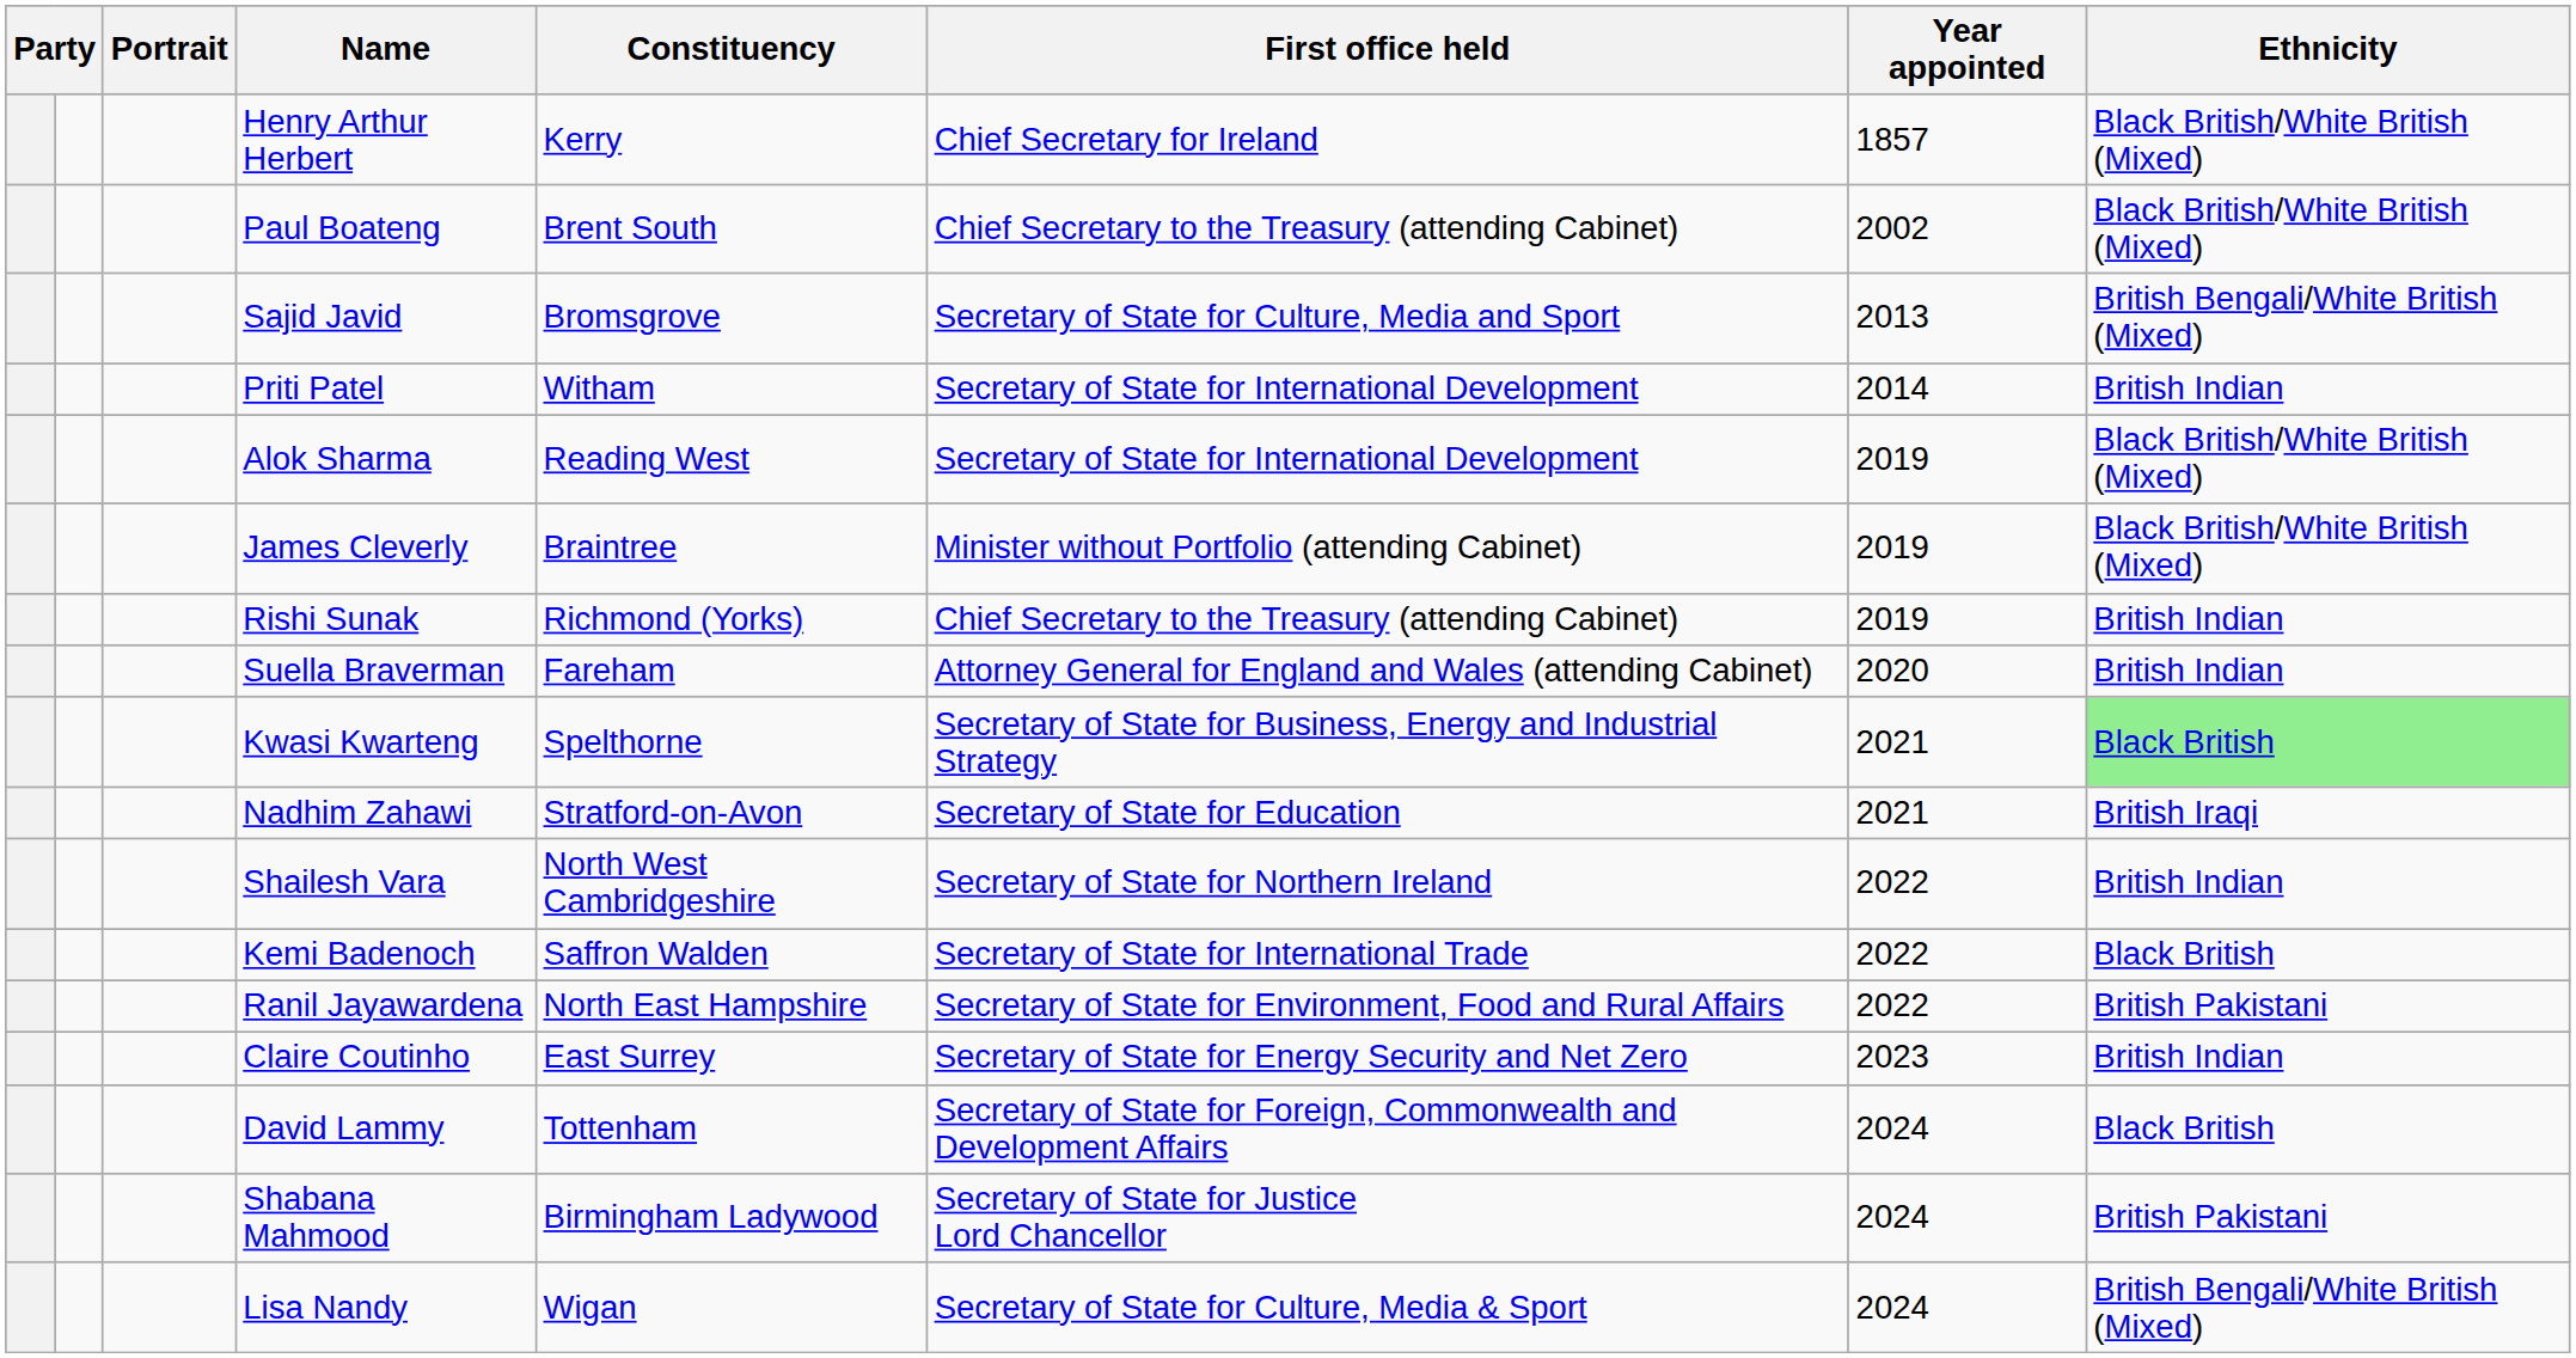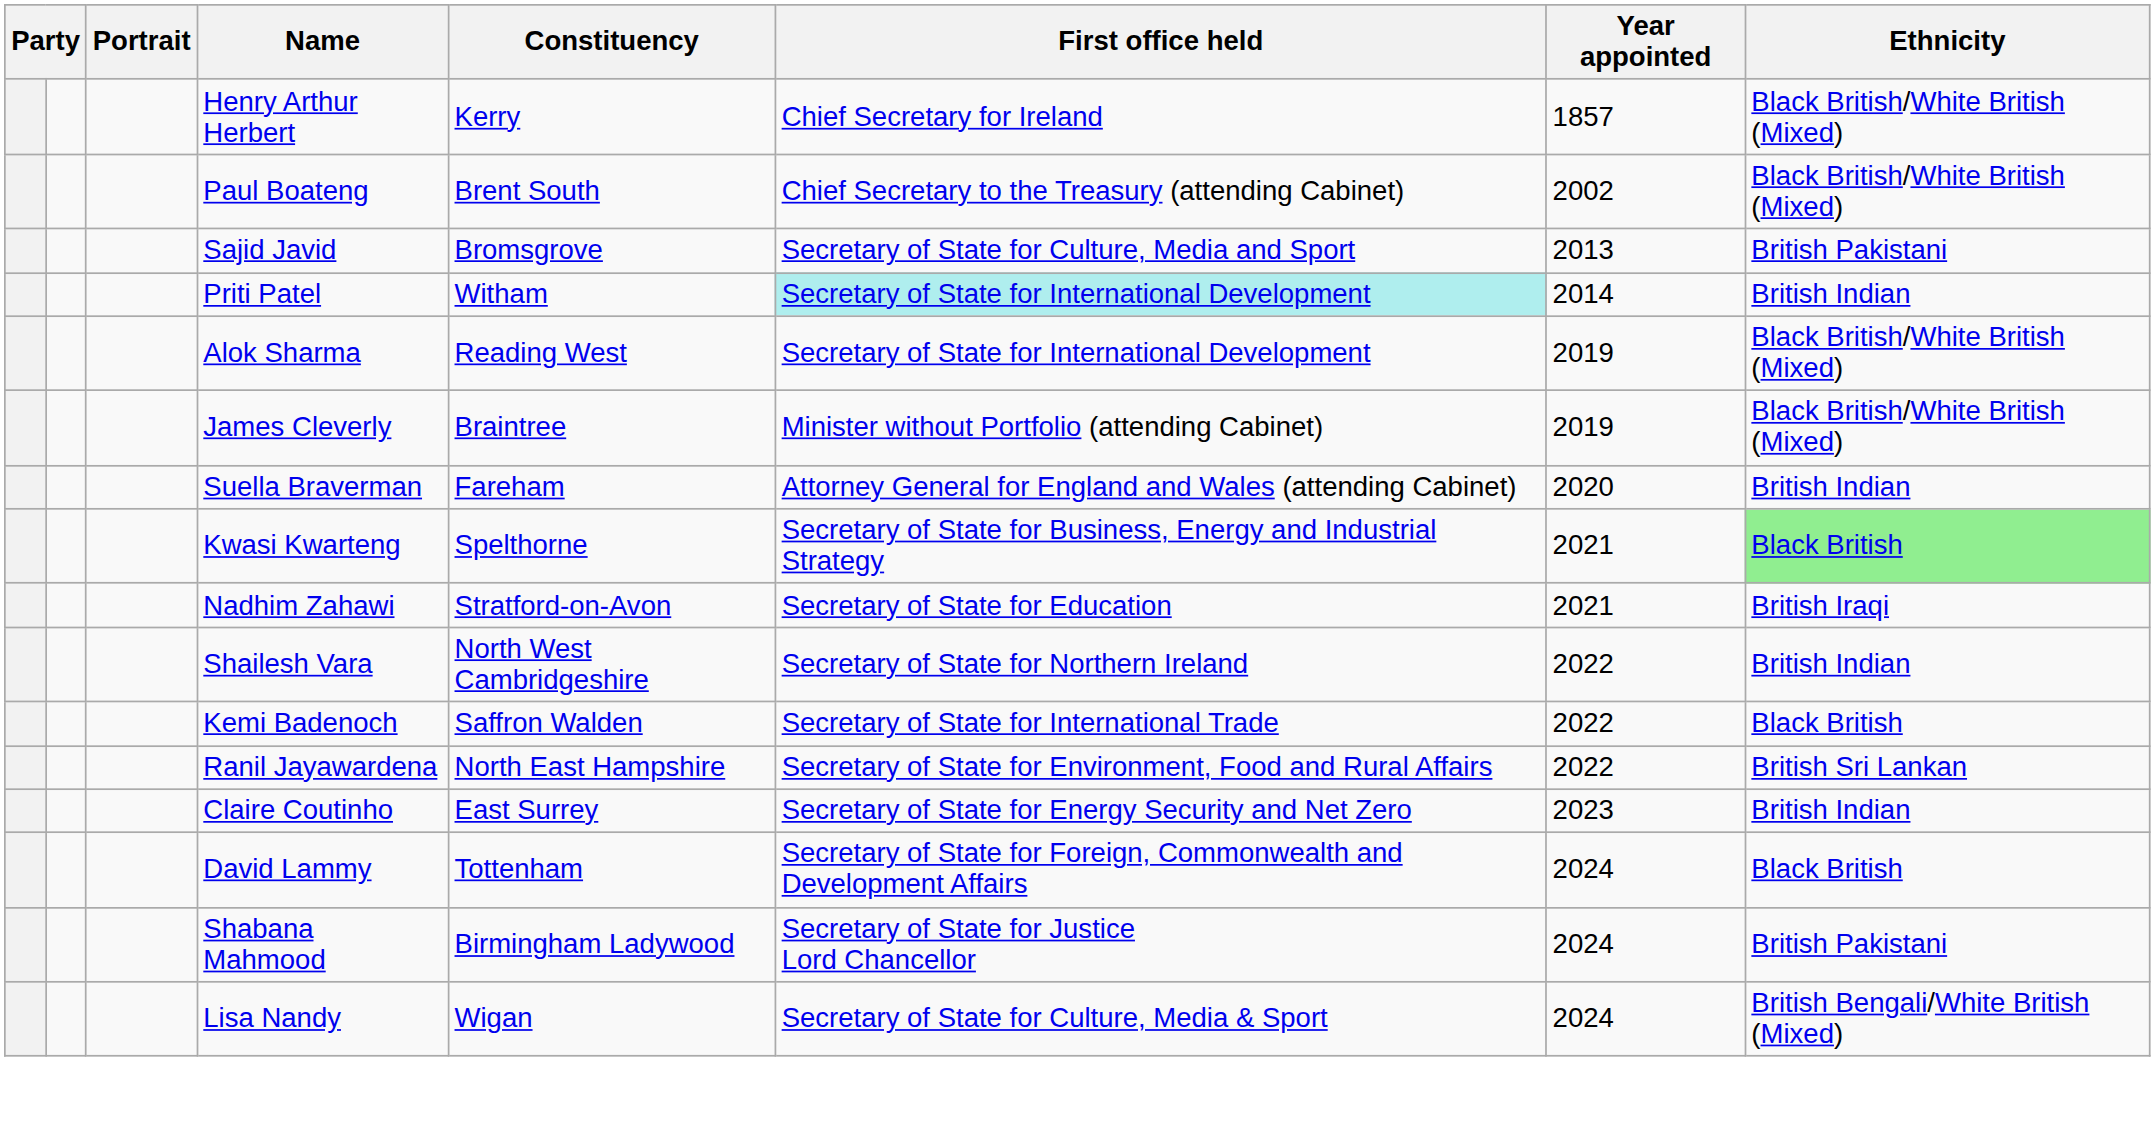 <table class="wikitable sortable">
 <tr>
 <th colspan=2>Party</th>
 <th>Portrait</th>
 <th>Name</th>
 <th>Constituency</th>
 <th>First office held</th>
 <th>Year appointed</th>
 <th>Ethnicity</th>
 </tr>
 <tr>
 <th style="background-color: "></th>
 <td></td>
 <td></td>
 <td><a href='#'>Henry Arthur Herbert</a></td>
 <td><a href='#'>Kerry</a></td>
 <td><a href='#'>Chief Secretary for Ireland</a></td>
 <td>1857</td>
 <td><a href='#'>Black British</a>/<a href='#'>White British</a> (<a href='#'>Mixed</a>)</td>
 </tr>
 <tr>
 <th style="background-color: "></th>
 <td></td>
 <td></td>
 <td><a href='#'>Paul Boateng</a></td>
 <td><a href='#'>Brent South</a></td>
 <td><a href='#'>Chief Secretary to the Treasury</a> (attending Cabinet)</td>
 <td>2002</td>
 <td><a href='#'>Black British</a>/<a href='#'>White British</a> (<a href='#'>Mixed</a>)</td>
 </tr>
 <tr>
 <th style="background-color: "></th>
 <td></td>
 <td></td>
 <td><a href='#'>Sajid Javid</a></td>
 <td><a href='#'>Bromsgrove</a></td>
 <td><a href='#'>Secretary of State for Culture, Media and Sport</a></td>
 <td>2013</td>
-<td><a href='#'>British Bengali</a>/<a href='#'>White British</a> (<a href='#'>Mixed</a>)</td>
+<td><a href='#'>British Pakistani</a></td>
 </tr>
 <tr>
 <th style="background-color: "></th>
 <td></td>
 <td></td>
 <td><a href='#'>Priti Patel</a></td>
 <td><a href='#'>Witham</a></td>
-<td><a href='#'>Secretary of State for International Development</a></td>
+<td style="background: paleturquoise;"><a href='#'>Secretary of State for International Development</a></td>
 <td>2014</td>
 <td><a href='#'>British Indian</a></td>
 </tr>
 <tr>
 <th style="background-color: "></th>
 <td></td>
 <td></td>
 <td><a href='#'>Alok Sharma</a></td>
 <td><a href='#'>Reading West</a></td>
 <td><a href='#'>Secretary of State for International Development</a></td>
 <td>2019</td>
 <td><a href='#'>Black British</a>/<a href='#'>White British</a> (<a href='#'>Mixed</a>)</td>
 </tr>
 <tr>
 <th style="background-color: "></th>
 <td></td>
 <td></td>
 <td><a href='#'>James Cleverly</a></td>
 <td><a href='#'>Braintree</a></td>
 <td><a href='#'>Minister without Portfolio</a> (attending Cabinet)</td>
 <td>2019</td>
 <td><a href='#'>Black British</a>/<a href='#'>White British</a> (<a href='#'>Mixed</a>)</td>
-</tr>
-<tr>
-<th style="background-color: "></th>
-<td></td>
-<td></td>
-<td><a href='#'>Rishi Sunak</a></td>
-<td><a href='#'>Richmond (Yorks)</a></td>
-<td><a href='#'>Chief Secretary to the Treasury</a> (attending Cabinet)</td>
-<td>2019</td>
-<td><a href='#'>British Indian</a></td>
 </tr>
 <tr>
 <th style="background-color: "></th>
 <td></td>
 <td></td>
 <td><a href='#'>Suella Braverman</a></td>
 <td><a href='#'>Fareham</a></td>
 <td><a href='#'>Attorney General for England and Wales</a> (attending Cabinet)</td>
 <td>2020</td>
 <td><a href='#'>British Indian</a></td>
 </tr>
 <tr>
 <th style="background-color: "></th>
 <td></td>
 <td></td>
 <td><a href='#'>Kwasi Kwarteng</a></td>
 <td><a href='#'>Spelthorne</a></td>
 <td><a href='#'>Secretary of State for Business, Energy and Industrial Strategy</a></td>
 <td>2021</td>
 <td style="background: lightgreen;"><a href='#'>Black British</a></td>
 </tr>
 <tr>
 <th style="background-color: "></th>
 <td></td>
 <td></td>
 <td><a href='#'>Nadhim Zahawi</a></td>
 <td><a href='#'>Stratford-on-Avon</a></td>
 <td><a href='#'>Secretary of State for Education</a></td>
 <td>2021</td>
 <td><a href='#'>British Iraqi</a></td>
 </tr>
 <tr>
 <th style="background-color: "></th>
 <td></td>
 <td></td>
 <td><a href='#'>Shailesh Vara</a></td>
 <td><a href='#'>North West Cambridgeshire</a></td>
 <td><a href='#'>Secretary of State for Northern Ireland</a></td>
 <td>2022</td>
 <td><a href='#'>British Indian</a></td>
 </tr>
 <tr>
 <th style="background-color: "></th>
 <td></td>
 <td></td>
 <td><a href='#'>Kemi Badenoch</a></td>
 <td><a href='#'>Saffron Walden</a></td>
 <td><a href='#'>Secretary of State for International Trade</a></td>
 <td>2022</td>
 <td><a href='#'>Black British</a></td>
 </tr>
 <tr>
 <th style="background-color: "></th>
 <td></td>
 <td></td>
 <td><a href='#'>Ranil Jayawardena</a></td>
 <td><a href='#'>North East Hampshire</a></td>
 <td><a href='#'>Secretary of State for Environment, Food and Rural Affairs</a></td>
 <td>2022</td>
-<td><a href='#'>British Pakistani</a></td>
+<td><a href='#'>British Sri Lankan</a></td>
 </tr>
 <tr>
 <th style="background-color: "></th>
 <td></td>
 <td></td>
 <td><a href='#'>Claire Coutinho</a></td>
 <td><a href='#'>East Surrey</a></td>
 <td><a href='#'>Secretary of State for Energy Security and Net Zero</a></td>
 <td>2023</td>
 <td><a href='#'>British Indian</a></td>
 </tr>
 <tr>
 <th style="background-color: "></th>
 <td></td>
 <td></td>
 <td><a href='#'>David Lammy</a></td>
 <td><a href='#'>Tottenham</a></td>
 <td><a href='#'>Secretary of State for Foreign, Commonwealth and Development Affairs</a></td>
 <td>2024</td>
 <td><a href='#'>Black British</a></td>
 </tr>
 <tr>
 <th style="background-color: "></th>
 <td></td>
 <td></td>
 <td><a href='#'>Shabana Mahmood</a></td>
 <td><a href='#'>Birmingham Ladywood</a></td>
 <td><a href='#'>Secretary of State for Justice</a><br><a href='#'>Lord Chancellor</a></td>
 <td>2024</td>
 <td><a href='#'>British Pakistani</a></td>
 </tr>
 <tr>
 <th style="background-color: "></th>
 <td></td>
 <td></td>
 <td><a href='#'>Lisa Nandy</a></td>
 <td><a href='#'>Wigan</a></td>
 <td><a href='#'>Secretary of State for Culture, Media & Sport</a></td>
 <td>2024</td>
 <td><a href='#'>British Bengali</a>/<a href='#'>White British</a> (<a href='#'>Mixed</a>)</td>
 </tr>
 </table>
